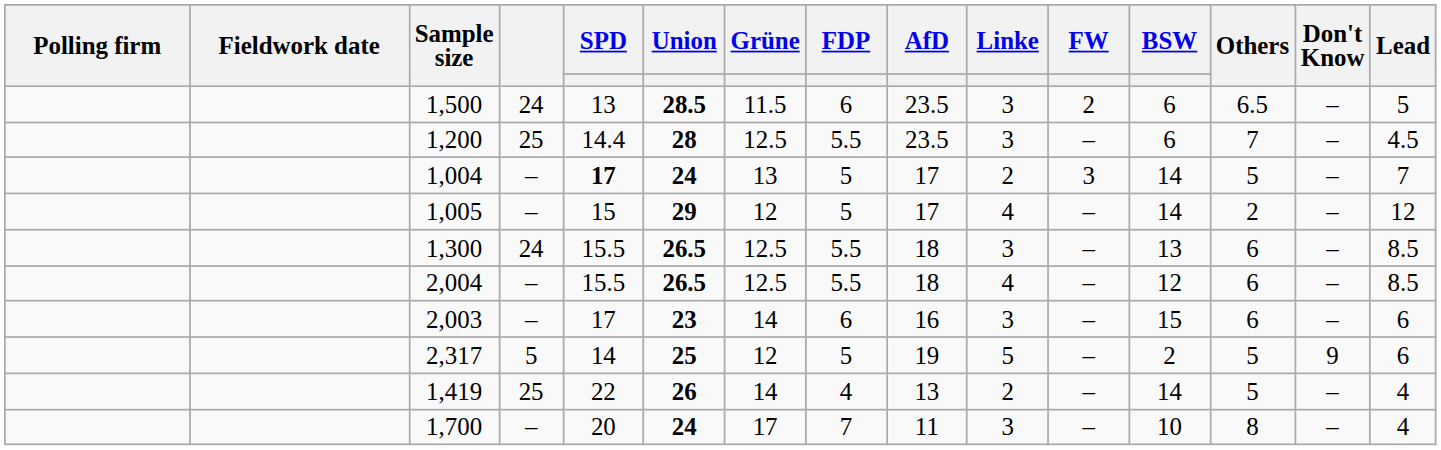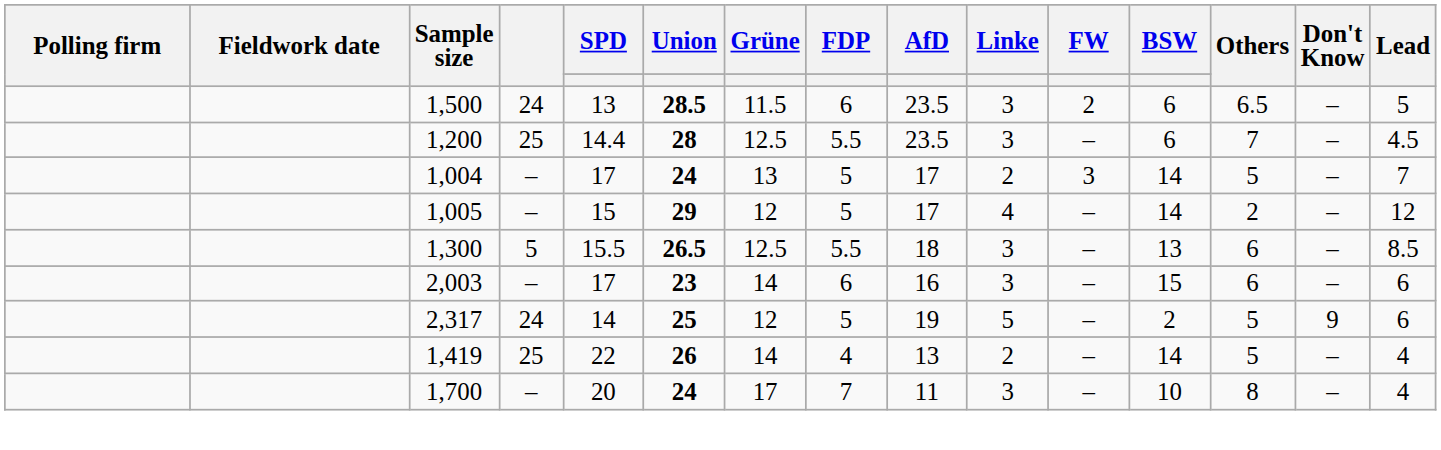 <table class="wikitable sortable mw-datatable mw-collapsible" style="text-align:center;font-size:90%;line-height:14px;">
 <tr style="height:40px;">
 <th style="width:100px;" rowspan="2">Polling firm</th>
 <th style="width:120px;" rowspan="2">Fieldwork date</th>
 <th style="width: 35px;" rowspan="2">Sample<br>size</th>
 <th style="width: 30px;" rowspan="2"></th>
 <th class="unsortable" style="width:40px;"><a href='#'>SPD</a></th>
 <th class="unsortable" style="width:40px;"><a href='#'>Union</a></th>
 <th class="unsortable" style="width:40px;"><a href='#'>Grüne</a></th>
 <th class="unsortable" style="width:40px;"><a href='#'>FDP</a></th>
 <th class="unsortable" style="width:40px;"><a href='#'>AfD</a></th>
 <th class="unsortable" style="width:40px;"><a href='#'>Linke</a></th>
 <th class="unsortable" style="width:40px;"><a href='#'>FW</a></th>
 <th class="unsortable" style="width:40px;"><a href='#'>BSW</a></th>
 <th class="unsortable" style="width:30px;" rowspan="2">Others</th>
 <th class="unsortable" style="width:30px;" rowspan="2">Don't Know</th>
 <th style="width:30px;" rowspan="2">Lead</th>
 </tr>
 <tr>
 <th style="background:"></th>
 <th style="background:"></th>
 <th style="background:"></th>
 <th style="background:"></th>
 <th style="background:"></th>
 <th style="background:"></th>
 <th style="background:"></th>
 <th style="background:"></th>
 </tr>
 <tr>
 <td></td>
 <td></td>
 <td>1,500</td>
 <td>24</td>
 <td>13</td>
 <td><strong>28.5</strong></td>
 <td>11.5</td>
 <td>6</td>
 <td>23.5</td>
 <td>3</td>
 <td>2</td>
 <td>6</td>
 <td>6.5</td>
 <td>–</td>
 <td style="background:">5</td>
 </tr>
 <tr>
 <td></td>
 <td></td>
 <td>1,200</td>
 <td>25</td>
 <td>14.4</td>
 <td><strong>28</strong></td>
 <td>12.5</td>
 <td>5.5</td>
 <td>23.5</td>
 <td>3</td>
 <td>–</td>
 <td>6</td>
 <td>7</td>
 <td>–</td>
 <td style="background:">4.5</td>
 </tr>
 <tr>
 <td></td>
 <td></td>
 <td>1,004</td>
 <td>–</td>
-<td><strong>17</strong></td>
+<td>17</td>
 <td><strong>24</strong></td>
 <td>13</td>
 <td>5</td>
 <td>17</td>
 <td>2</td>
 <td>3</td>
 <td>14</td>
 <td>5</td>
 <td>–</td>
 <td style="background:">7</td>
 </tr>
 <tr>
 <td></td>
 <td></td>
 <td>1,005</td>
 <td>–</td>
 <td>15</td>
 <td><strong>29</strong></td>
 <td>12</td>
 <td>5</td>
 <td>17</td>
 <td>4</td>
 <td>–</td>
 <td>14</td>
 <td>2</td>
 <td>–</td>
 <td style="background:">12</td>
 </tr>
 <tr>
 <td></td>
 <td></td>
 <td>1,300</td>
-<td>24</td>
+<td>5</td>
 <td>15.5</td>
 <td><strong>26.5</strong></td>
 <td>12.5</td>
 <td>5.5</td>
 <td>18</td>
 <td>3</td>
 <td>–</td>
 <td>13</td>
-<td>6</td>
-<td>–</td>
-<td style="background:">8.5</td>
-</tr>
-<tr>
-<td></td>
-<td></td>
-<td>2,004</td>
-<td>–</td>
-<td>15.5</td>
-<td><strong>26.5</strong></td>
-<td>12.5</td>
-<td>5.5</td>
-<td>18</td>
-<td>4</td>
-<td>–</td>
-<td>12</td>
 <td>6</td>
 <td>–</td>
 <td style="background:">8.5</td>
 </tr>
 <tr>
 <td></td>
 <td></td>
 <td>2,003</td>
 <td>–</td>
 <td>17</td>
 <td><strong>23</strong></td>
 <td>14</td>
 <td>6</td>
 <td>16</td>
 <td>3</td>
 <td>–</td>
 <td>15</td>
 <td>6</td>
 <td>–</td>
 <td style="background:">6</td>
 </tr>
 <tr>
 <td></td>
 <td></td>
 <td>2,317</td>
-<td>5</td>
+<td>24</td>
 <td>14</td>
 <td><strong>25</strong></td>
 <td>12</td>
 <td>5</td>
 <td>19</td>
 <td>5</td>
 <td>–</td>
 <td>2</td>
 <td>5</td>
 <td>9</td>
 <td style="background:">6</td>
 </tr>
 <tr>
 <td></td>
 <td></td>
 <td>1,419</td>
 <td>25</td>
 <td>22</td>
 <td><strong>26</strong></td>
 <td>14</td>
 <td>4</td>
 <td>13</td>
 <td>2</td>
 <td>–</td>
 <td>14</td>
 <td>5</td>
 <td>–</td>
 <td style="background:">4</td>
 </tr>
 <tr>
 <td></td>
 <td></td>
 <td>1,700</td>
 <td>–</td>
 <td>20</td>
 <td><strong>24</strong></td>
 <td>17</td>
 <td>7</td>
 <td>11</td>
 <td>3</td>
 <td>–</td>
 <td>10</td>
 <td>8</td>
 <td>–</td>
 <td style="background:">4</td>
 </tr>
 </table>
